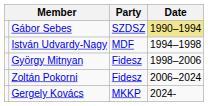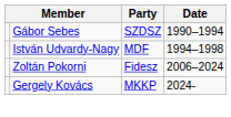 <table class=wikitable>
 <tr>
 <th colspan=2>Member</th>
 <th>Party</th>
 <th>Date</th>
 </tr>
 <tr>
 <td style="background-color:"></td>
 <td><a href='#'>Gábor Sebes</a></td>
 <td><a href='#'>SZDSZ</a></td>
-<td style="background: khaki;">1990–1994</td>
+<td>1990–1994</td>
 </tr>
 <tr>
 <td style="background-color:"></td>
 <td><a href='#'>István Udvardy-Nagy</a></td>
 <td><a href='#'>MDF</a></td>
 <td>1994–1998</td>
-</tr>
-<tr>
-<td style="background-color:"></td>
-<td><a href='#'>György Mitnyan</a></td>
-<td><a href='#'>Fidesz</a></td>
-<td>1998–2006</td>
 </tr>
 <tr>
 <td style="background-color:"></td>
 <td><a href='#'>Zoltán Pokorni</a></td>
 <td><a href='#'>Fidesz</a></td>
 <td>2006–2024</td>
 </tr>
 <tr>
 <td style="background-color:"></td>
 <td><a href='#'>Gergely Kovács</a></td>
 <td><a href='#'>MKKP</a></td>
 <td>2024-</td>
 </tr>
 </table>
